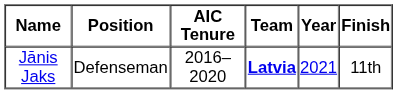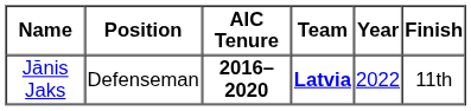 <table cellpadding="1" border="1" cellspacing="0" width="60%">
 <tr>
 <th>Name</th>
 <th>Position</th>
 <th>AIC Tenure</th>
 <th>Team</th>
 <th>Year</th>
 <th>Finish</th>
 </tr>
 <tr align="center">
 <td><a href='#'>Jānis Jaks</a></td>
 <td>Defenseman</td>
-<td>2016–2020</td>
+<td><strong>2016–2020</strong></td>
 <td><strong> <a href='#'>Latvia</a></strong></td>
-<td><a href='#'>2021</a></td>
+<td><a href='#'>2022</a></td>
 <td>11th</td>
 </tr>
 </table>
